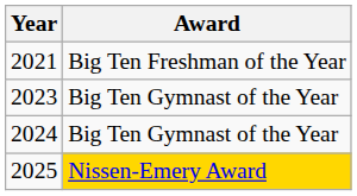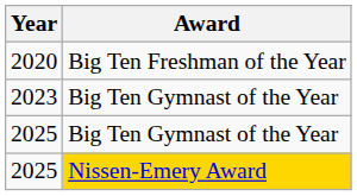 <table class="wikitable">
 <tr>
 <th>Year</th>
 <th>Award</th>
 </tr>
 <tr>
-<td>2021</td>
+<td>2020</td>
 <td>Big Ten Freshman of the Year</td>
 </tr>
 <tr>
 <td>2023</td>
 <td>Big Ten Gymnast of the Year</td>
 </tr>
 <tr>
-<td>2024</td>
+<td>2025</td>
 <td>Big Ten Gymnast of the Year</td>
 </tr>
 <tr>
 <td>2025</td>
 <td style="background: gold;"><a href='#'>Nissen-Emery Award</a></td>
 </tr>
 </table>
